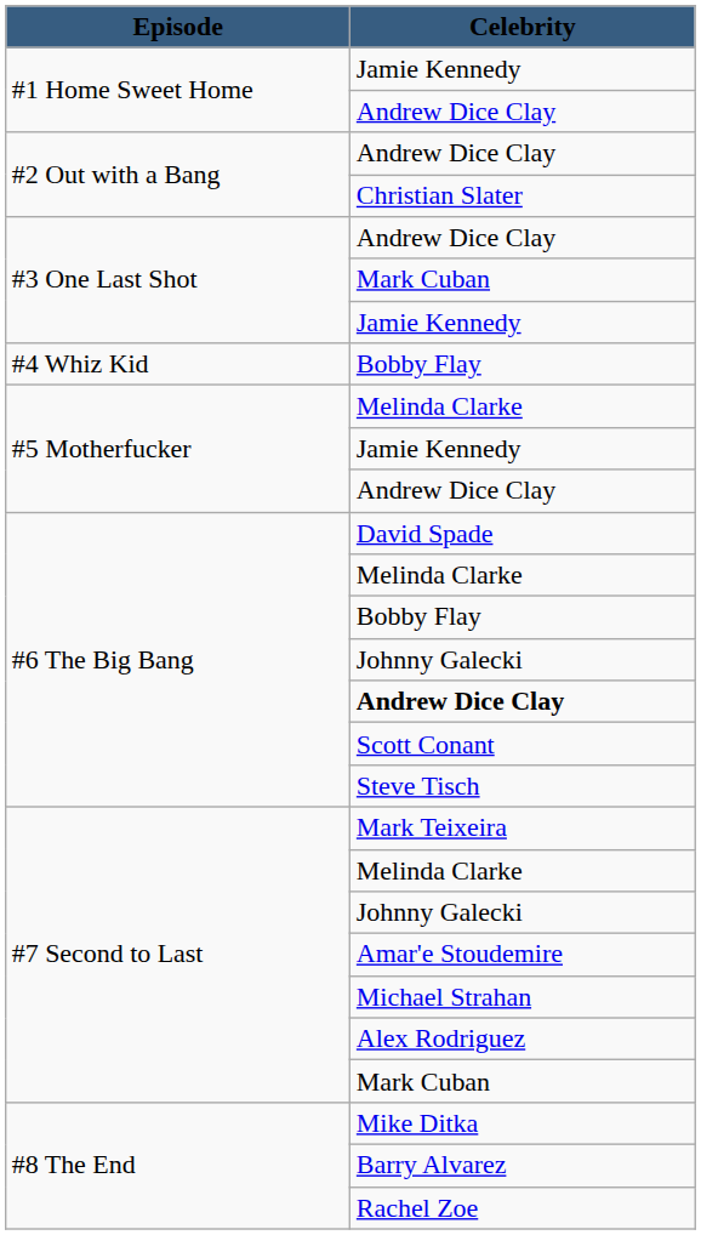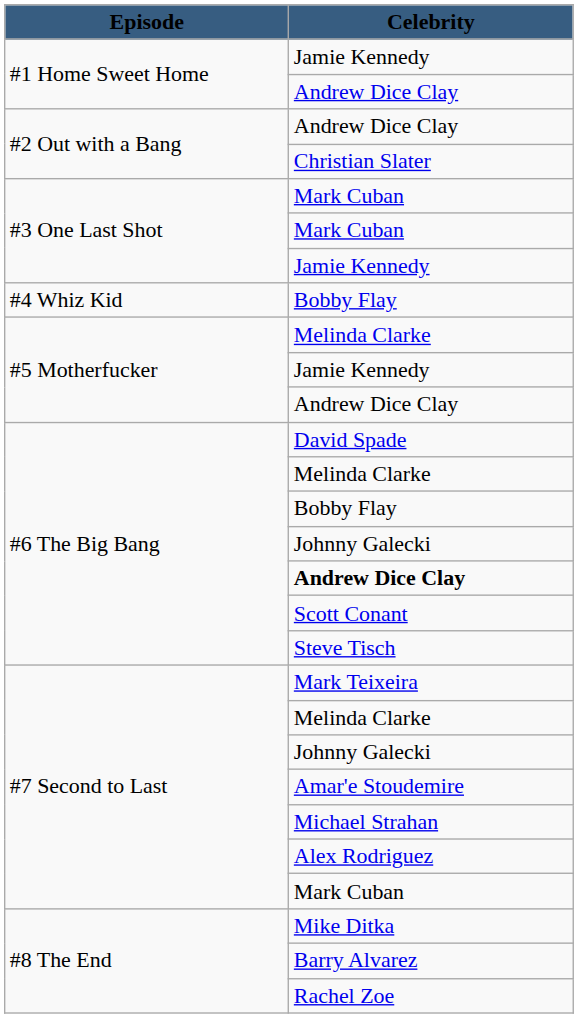 <table class="wikitable">
 <tr style="color:black">
 <th style="background:#375d81; width:200px;">Episode</th>
 <th style="background:#375d81; width:200px;">Celebrity</th>
 </tr>
 <tr>
 <td rowspan="2">#1 Home Sweet Home</td>
 <td>Jamie Kennedy</td>
 </tr>
 <tr>
 <td><a href='#'>Andrew Dice Clay</a></td>
 </tr>
 <tr>
 <td rowspan="2">#2 Out with a Bang</td>
 <td>Andrew Dice Clay</td>
 </tr>
 <tr>
 <td><a href='#'>Christian Slater</a></td>
 </tr>
 <tr>
 <td rowspan="3">#3 One Last Shot</td>
-<td>Andrew Dice Clay</td>
+<td><a href='#'>Mark Cuban</a></td>
 </tr>
 <tr>
 <td><a href='#'>Mark Cuban</a></td>
 </tr>
 <tr>
 <td><a href='#'>Jamie Kennedy</a></td>
 </tr>
 <tr>
 <td>#4 Whiz Kid</td>
 <td><a href='#'>Bobby Flay</a></td>
 </tr>
 <tr>
 <td rowspan="3">#5 Motherfucker</td>
 <td><a href='#'>Melinda Clarke</a></td>
 </tr>
 <tr>
 <td>Jamie Kennedy</td>
 </tr>
 <tr>
 <td>Andrew Dice Clay</td>
 </tr>
 <tr>
 <td rowspan="7">#6 The Big Bang</td>
 <td><a href='#'>David Spade</a></td>
 </tr>
 <tr>
 <td>Melinda Clarke</td>
 </tr>
 <tr>
 <td>Bobby Flay</td>
 </tr>
 <tr>
 <td>Johnny Galecki</td>
 </tr>
 <tr>
 <td><strong>Andrew Dice Clay</strong></td>
 </tr>
 <tr>
 <td><a href='#'>Scott Conant</a></td>
 </tr>
 <tr>
 <td><a href='#'>Steve Tisch</a></td>
 </tr>
 <tr>
 <td rowspan="7">#7 Second to Last</td>
 <td><a href='#'>Mark Teixeira</a></td>
 </tr>
 <tr>
 <td>Melinda Clarke</td>
 </tr>
 <tr>
 <td>Johnny Galecki</td>
 </tr>
 <tr>
 <td><a href='#'>Amar'e Stoudemire</a></td>
 </tr>
 <tr>
 <td><a href='#'>Michael Strahan</a></td>
 </tr>
 <tr>
 <td><a href='#'>Alex Rodriguez</a></td>
 </tr>
 <tr>
 <td>Mark Cuban</td>
 </tr>
 <tr>
 <td rowspan="3">#8 The End</td>
 <td><a href='#'>Mike Ditka</a></td>
 </tr>
 <tr>
 <td><a href='#'>Barry Alvarez</a></td>
 </tr>
 <tr>
 <td><a href='#'>Rachel Zoe</a></td>
 </tr>
 </table>
